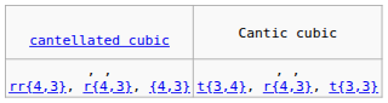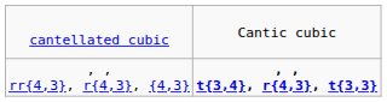 <table class=wikitable>
 <tr align=center>
 <td><br><a href='#'>cantellated cubic</a><br></td>
 <td><br>Cantic cubic<br><br></td>
 </tr>
 <tr align=center>
 <td>, , <br><a href='#'>rr{4,3}</a>, <a href='#'>r{4,3}</a>, <a href='#'>{4,3}</a></td>
-<td>, , <br><a href='#'>t{3,4}</a>, <a href='#'>r{4,3}</a>, <a href='#'>t{3,3}</a></td>
+<td><strong>, , <br><a href='#'>t{3,4}</a>, <a href='#'>r{4,3}</a>, <a href='#'>t{3,3}</a></strong></td>
 </tr>
 </table>
